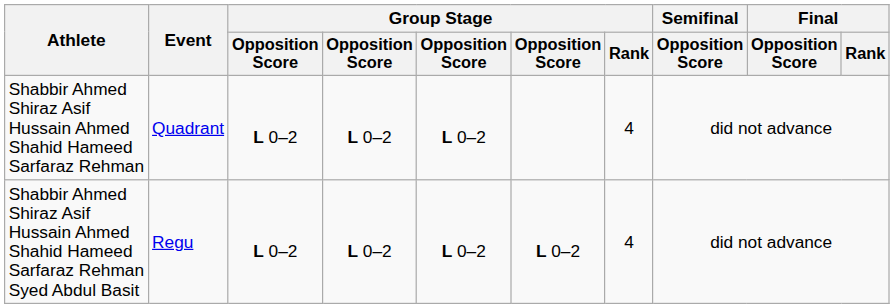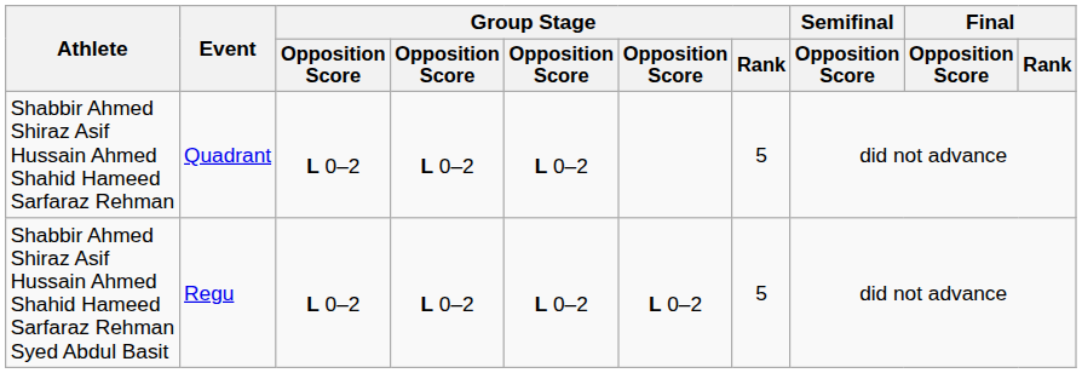 <table class=wikitable style=font-size:90%;text-align:center>
 <tr>
 <th rowspan="2">Athlete</th>
 <th rowspan="2">Event</th>
 <th colspan=5>Group Stage</th>
 <th>Semifinal</th>
 <th colspan=2>Final</th>
 </tr>
 <tr style="font-size:95%">
 <th>Opposition<br>Score</th>
 <th>Opposition<br>Score</th>
 <th>Opposition<br>Score</th>
 <th>Opposition<br>Score</th>
 <th>Rank</th>
 <th>Opposition<br>Score</th>
 <th>Opposition<br>Score</th>
 <th>Rank</th>
 </tr>
 <tr>
 <td align=left>Shabbir Ahmed<br>Shiraz Asif<br>Hussain Ahmed<br>Shahid Hameed<br>Sarfaraz Rehman</td>
 <td align=left><a href='#'>Quadrant</a></td>
 <td><br><strong>L</strong> 0–2</td>
 <td><br><strong>L</strong> 0–2</td>
 <td><br><strong>L</strong> 0–2</td>
 <td></td>
-<td>4</td>
+<td>5</td>
 <td colspan=3>did not advance</td>
 </tr>
 <tr>
 <td align=left>Shabbir Ahmed<br>Shiraz Asif<br>Hussain Ahmed<br>Shahid Hameed<br>Sarfaraz Rehman<br>Syed Abdul Basit</td>
 <td align=left><a href='#'>Regu</a></td>
 <td><br><strong>L</strong> 0–2</td>
 <td><br><strong>L</strong> 0–2</td>
 <td><br><strong>L</strong> 0–2</td>
 <td><br><strong>L</strong> 0–2</td>
-<td>4</td>
+<td>5</td>
 <td colspan=3>did not advance</td>
 </tr>
 </table>
